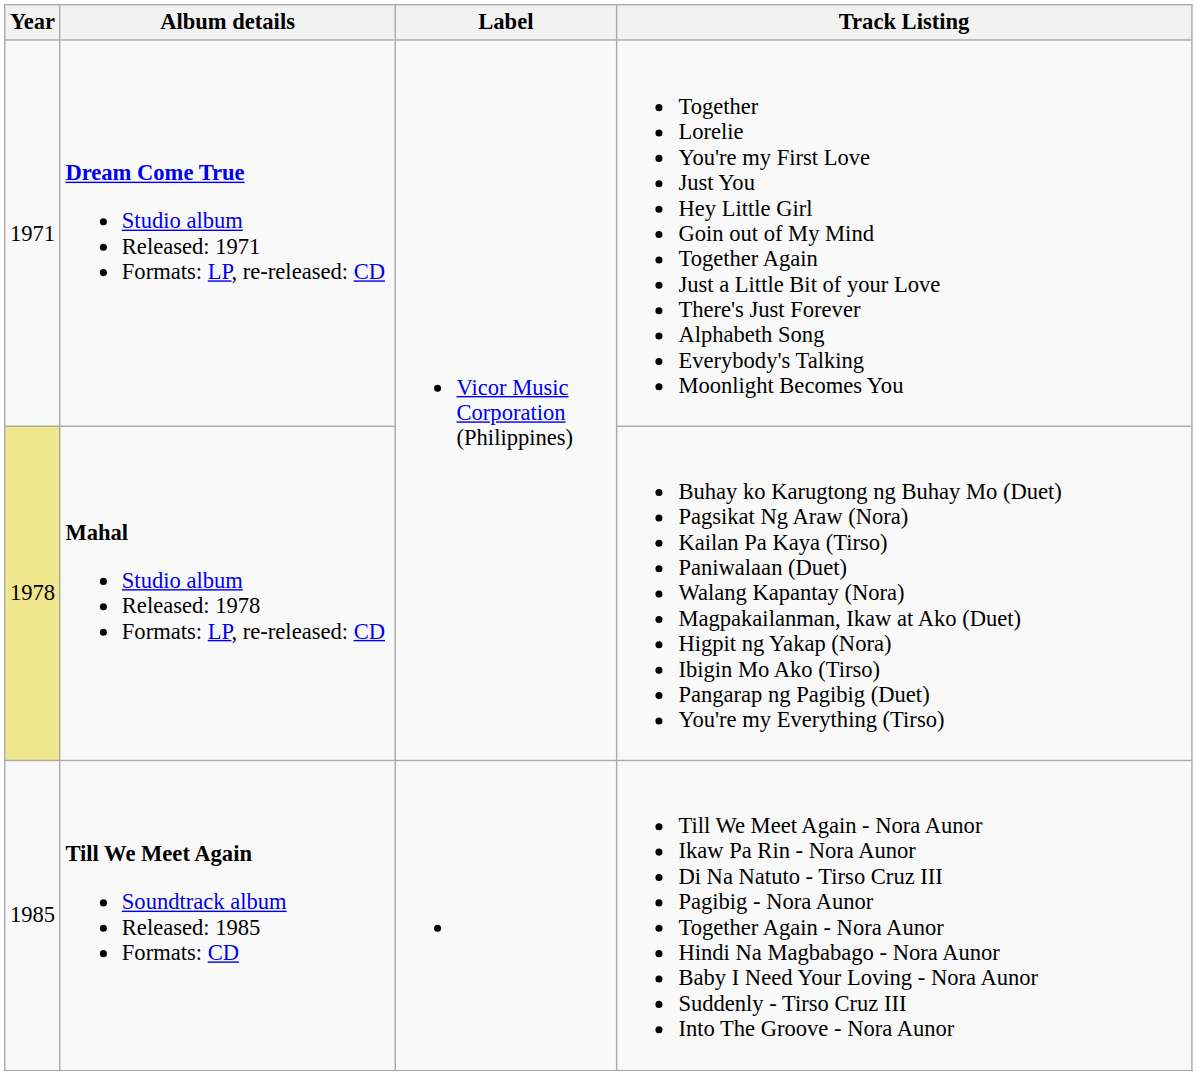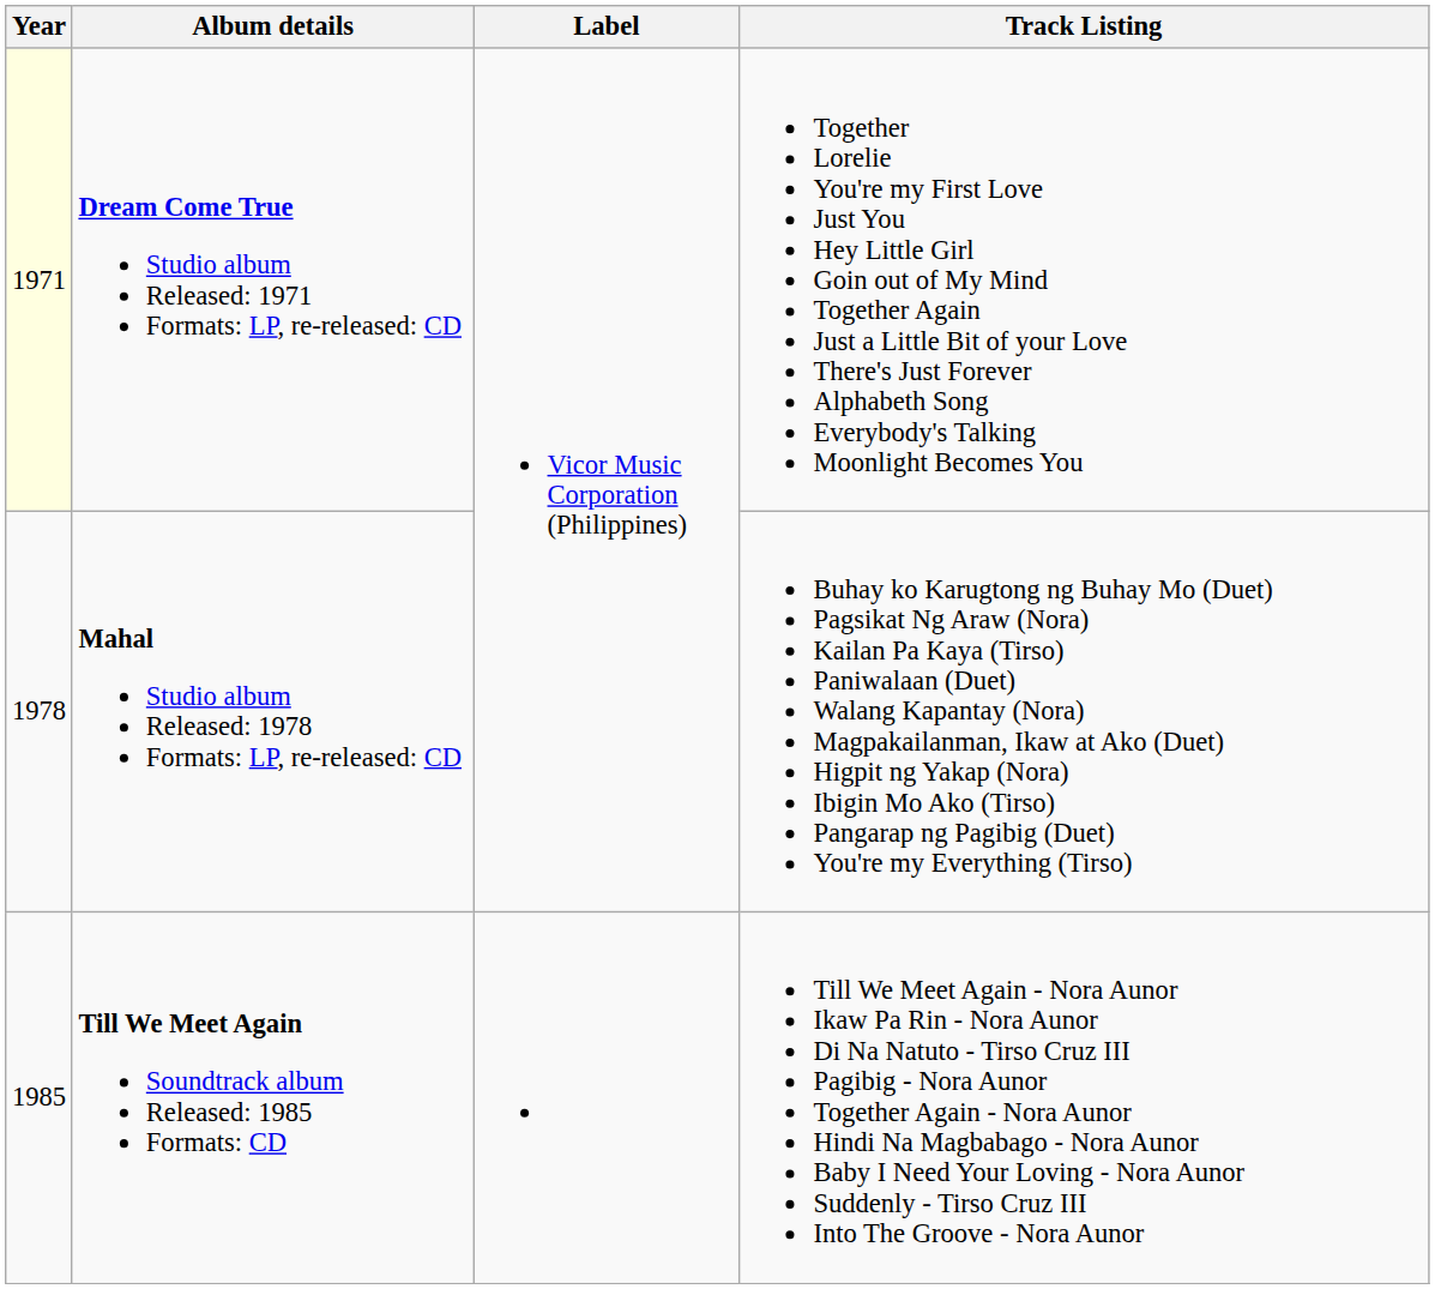 <table class="wikitable">
 <tr>
 <th>Year</th>
 <th width=230>Album details</th>
 <th width=150>Label</th>
 <th width=400>Track Listing</th>
 </tr>
 <tr>
-<td>1971</td>
+<td style="background: lightyellow;">1971</td>
 <td><strong><a href='#'>Dream Come True</a></strong><br><ul><li><a href='#'>Studio album</a></li><li>Released: 1971</li><li>Formats: <a href='#'>LP</a>, re-released: <a href='#'>CD</a></li></ul></td>
 <td rowspan=2><br><ul><li><a href='#'>Vicor Music Corporation</a> (Philippines)</li></ul></td>
 <td><br><ul><li>Together</li><li>Lorelie</li><li>You're my First Love</li><li>Just You</li><li>Hey Little Girl</li><li>Goin out of My Mind</li><li>Together Again</li><li>Just a Little Bit of your Love</li><li>There's Just Forever</li><li>Alphabeth Song</li><li>Everybody's Talking</li><li>Moonlight Becomes You</li></ul></td>
 </tr>
 <tr>
-<td style="background: khaki;">1978</td>
+<td>1978</td>
 <td><strong>Mahal</strong><br><ul><li><a href='#'>Studio album</a></li><li>Released:  1978</li><li>Formats: <a href='#'>LP</a>, re-released: <a href='#'>CD</a></li></ul></td>
 <td><br><ul><li>Buhay ko Karugtong ng Buhay Mo (Duet)</li><li>Pagsikat Ng Araw (Nora)</li><li>Kailan Pa Kaya (Tirso)</li><li>Paniwalaan (Duet)</li><li>Walang Kapantay (Nora)</li><li>Magpakailanman, Ikaw at Ako (Duet)</li><li>Higpit ng Yakap (Nora)</li><li>Ibigin Mo Ako (Tirso)</li><li>Pangarap ng Pagibig (Duet)</li><li>You're my Everything (Tirso)</li></ul></td>
 </tr>
 <tr>
 <td>1985</td>
 <td><strong>Till We Meet Again</strong><br><ul><li><a href='#'>Soundtrack album</a></li><li>Released: 1985</li><li>Formats: <a href='#'>CD</a></li></ul></td>
 <td><br><ul><li></li></ul></td>
 <td><br><ul><li>Till We Meet Again - Nora Aunor</li><li>Ikaw Pa Rin - Nora Aunor</li><li>Di Na Natuto - Tirso Cruz III</li><li>Pagibig - Nora Aunor</li><li>Together Again - Nora Aunor</li><li>Hindi Na Magbabago - Nora Aunor</li><li>Baby I Need Your Loving - Nora Aunor</li><li>Suddenly - Tirso Cruz III</li><li>Into The Groove - Nora Aunor</li></ul></td>
 </tr>
 <tr>
 </tr>
 </table>
